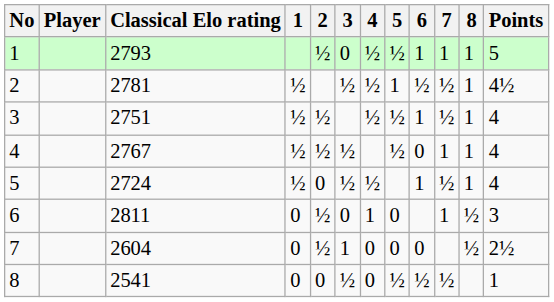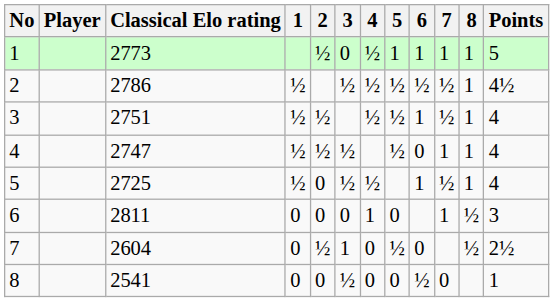 <table class=wikitable>
 <tr>
 <th>No</th>
 <th>Player</th>
 <th>Classical Elo rating</th>
 <th>1</th>
 <th>2</th>
 <th>3</th>
 <th>4</th>
 <th>5</th>
 <th>6</th>
 <th>7</th>
 <th>8</th>
 <th>Points</th>
 </tr>
 <tr bgcolor=#ccffcc>
 <td>1</td>
 <td></td>
-<td>2793</td>
+<td>2773</td>
 <td></td>
 <td>½</td>
 <td>0</td>
 <td>½</td>
-<td>½</td>
+<td>1</td>
 <td>1</td>
 <td>1</td>
 <td>1</td>
 <td>5</td>
 </tr>
 <tr>
 <td>2</td>
 <td></td>
-<td>2781</td>
+<td>2786</td>
 <td>½</td>
 <td></td>
 <td>½</td>
 <td>½</td>
-<td>1</td>
+<td>½</td>
 <td>½</td>
 <td>½</td>
 <td>1</td>
 <td>4½</td>
 </tr>
 <tr>
 <td>3</td>
 <td></td>
 <td>2751</td>
 <td>½</td>
 <td>½</td>
 <td></td>
 <td>½</td>
 <td>½</td>
 <td>1</td>
 <td>½</td>
 <td>1</td>
 <td>4</td>
 </tr>
 <tr>
 <td>4</td>
 <td></td>
-<td>2767</td>
+<td>2747</td>
 <td>½</td>
 <td>½</td>
 <td>½</td>
 <td></td>
 <td>½</td>
 <td>0</td>
 <td>1</td>
 <td>1</td>
 <td>4</td>
 </tr>
 <tr>
 <td>5</td>
 <td></td>
-<td>2724</td>
+<td>2725</td>
 <td>½</td>
 <td>0</td>
 <td>½</td>
 <td>½</td>
 <td></td>
 <td>1</td>
 <td>½</td>
 <td>1</td>
 <td>4</td>
 </tr>
 <tr>
 <td>6</td>
 <td></td>
 <td>2811</td>
 <td>0</td>
-<td>½</td>
+<td>0</td>
 <td>0</td>
 <td>1</td>
 <td>0</td>
 <td></td>
 <td>1</td>
 <td>½</td>
 <td>3</td>
 </tr>
 <tr>
 <td>7</td>
 <td></td>
 <td>2604</td>
 <td>0</td>
 <td>½</td>
 <td>1</td>
 <td>0</td>
-<td>0</td>
+<td>½</td>
 <td>0</td>
 <td></td>
 <td>½</td>
 <td>2½</td>
 </tr>
 <tr>
 <td>8</td>
 <td></td>
 <td>2541</td>
 <td>0</td>
 <td>0</td>
 <td>½</td>
 <td>0</td>
+<td>0</td>
 <td>½</td>
-<td>½</td>
-<td>½</td>
+<td>0</td>
 <td></td>
 <td>1</td>
 </tr>
 </table>
